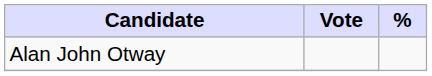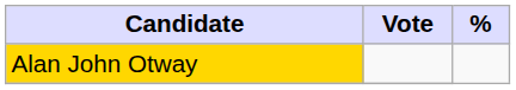 <table class="wikitable">
 <tr>
 <th style="background:#ddf; width:225px;">Candidate</th>
 <th style="background:#ddf; width:50px;">Vote</th>
 <th style="background:#ddf; width:30px;">%</th>
 </tr>
 <tr>
-<td>Alan John Otway</td>
+<td style="background: gold;">Alan John Otway</td>
 <td></td>
 </tr>
 <tr>
 </tr>
 </table>
